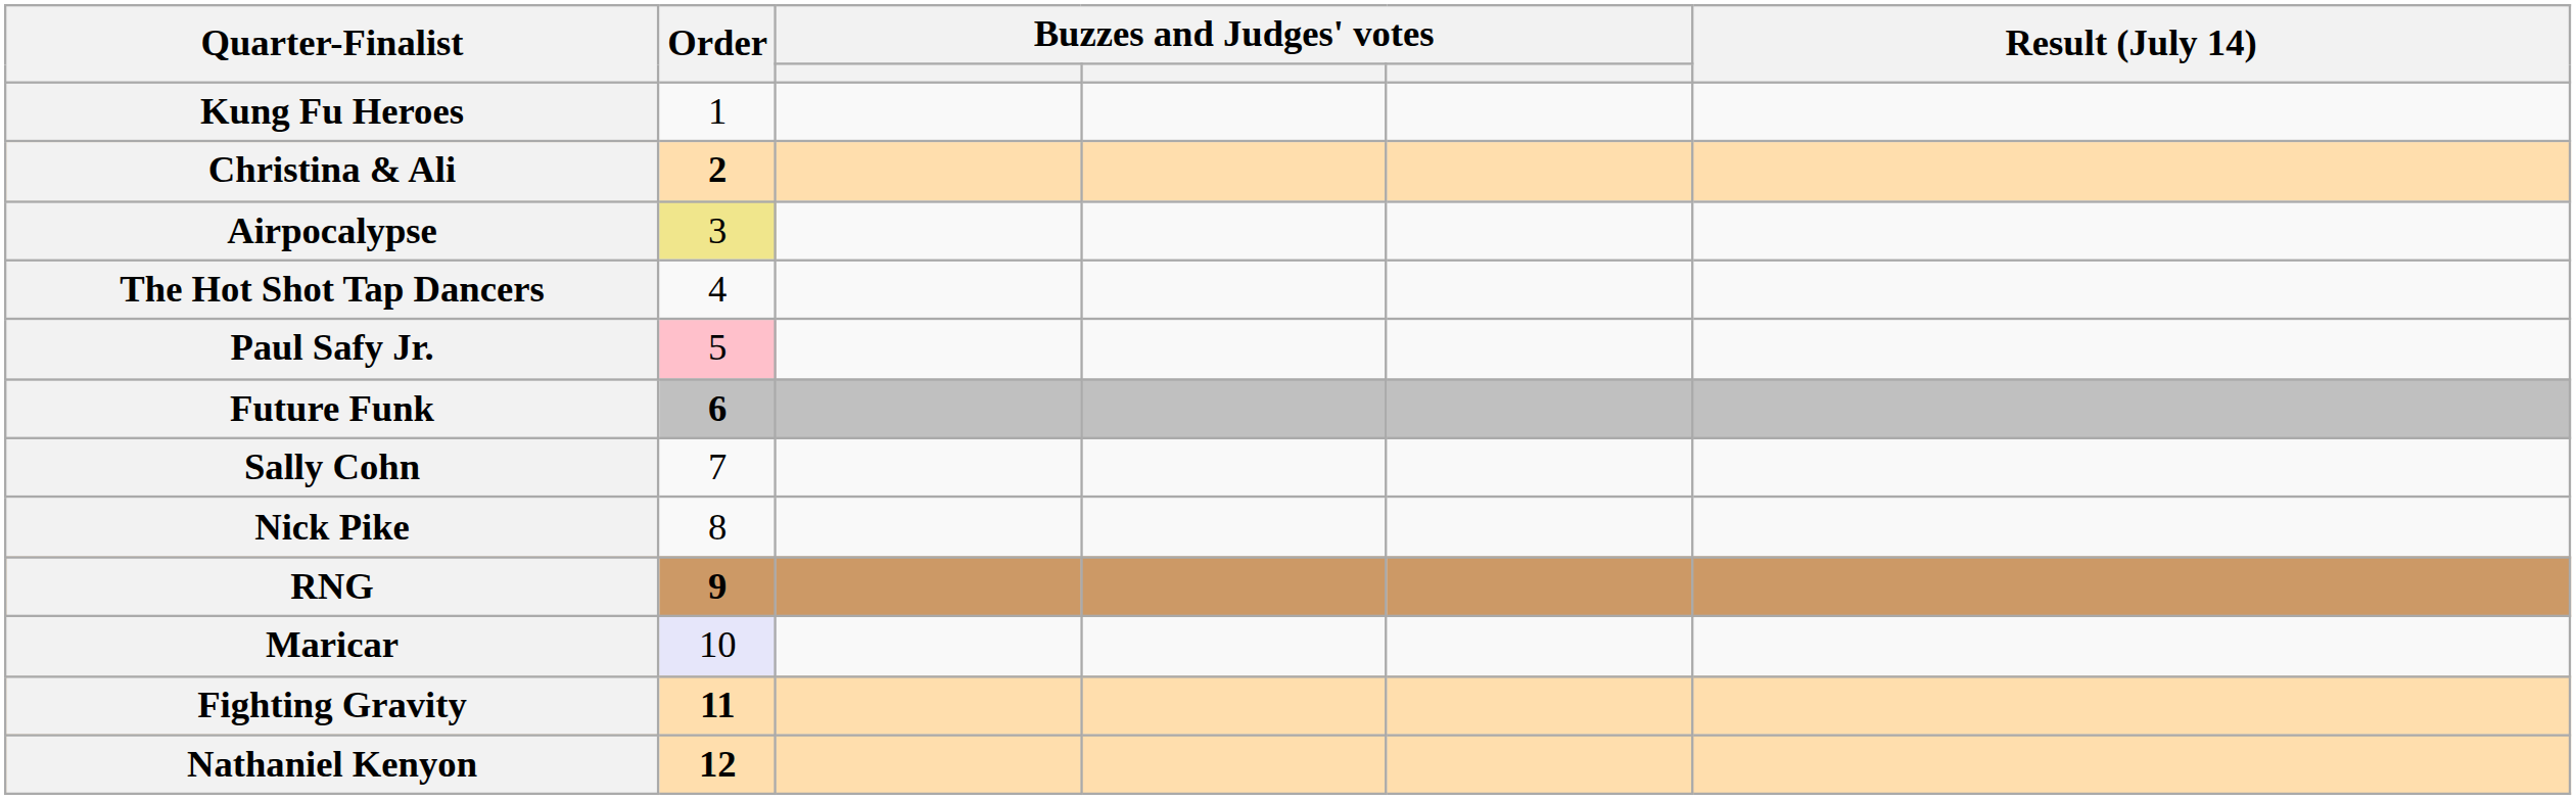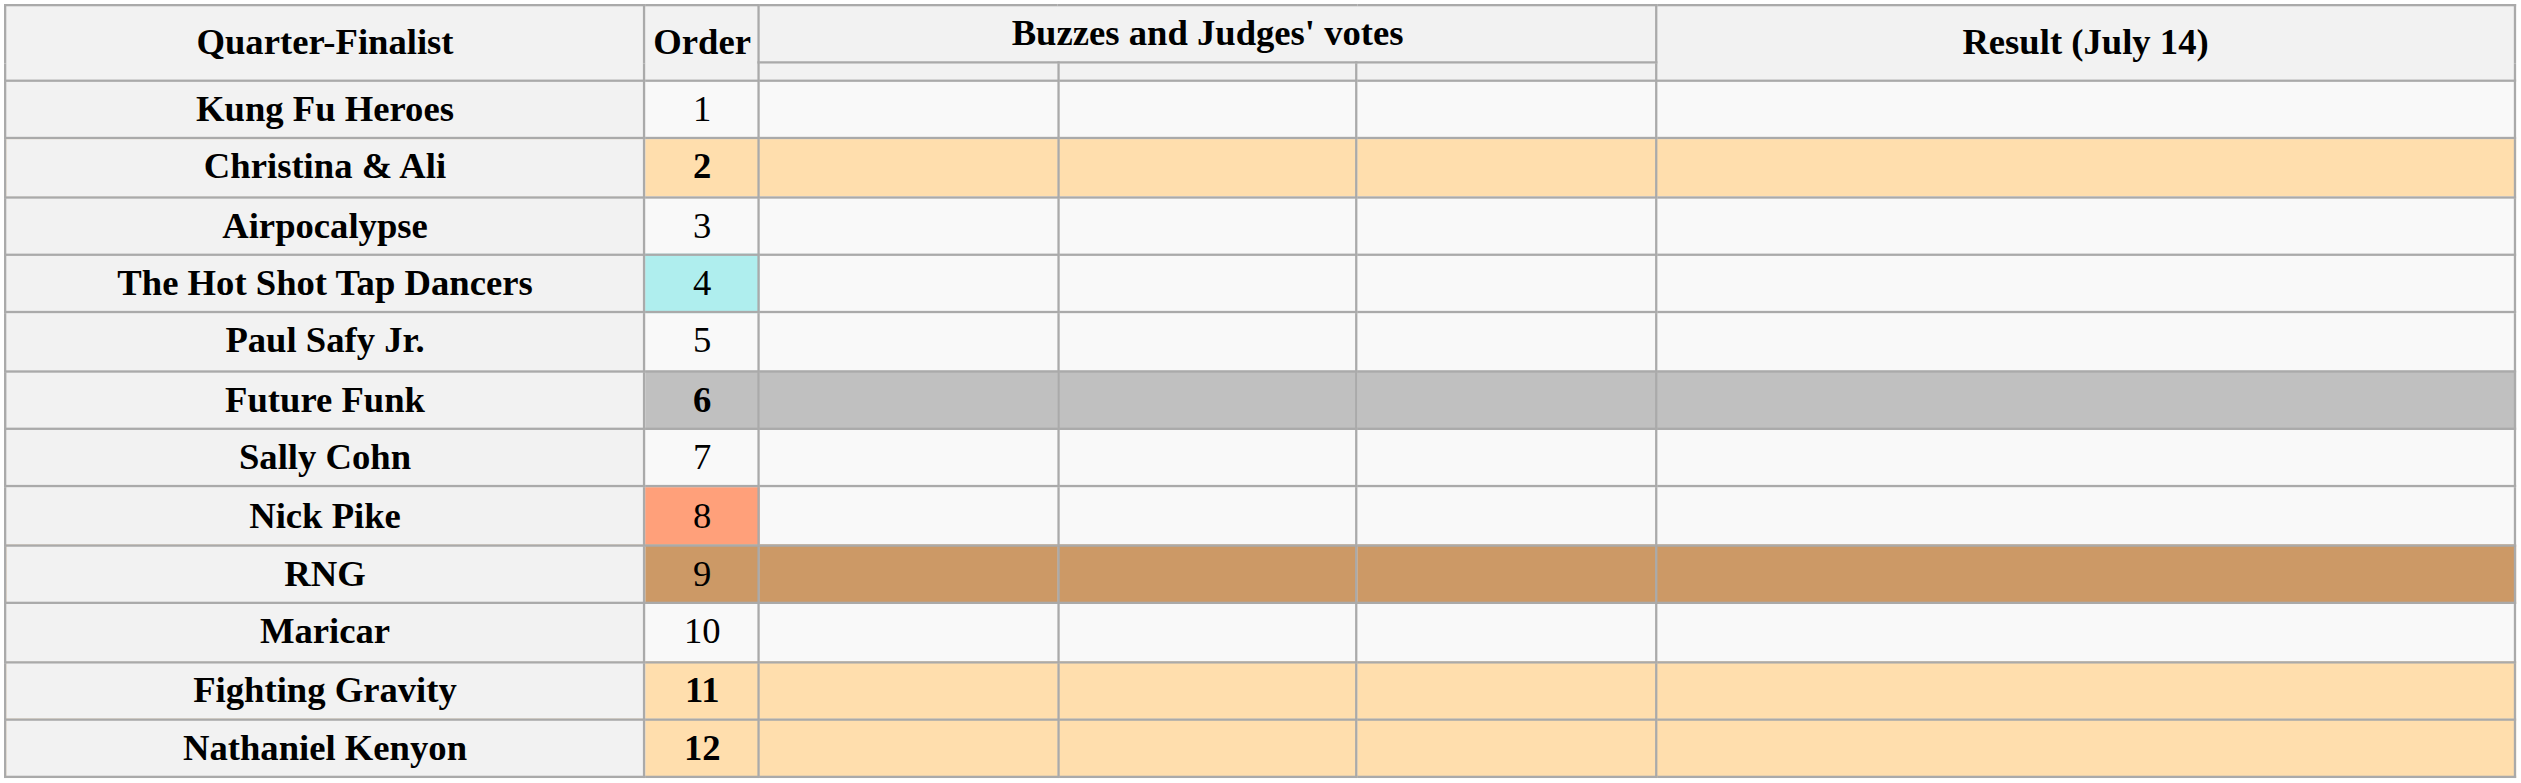 <table class="wikitable plainrowheaders sortable" style="text-align:center;">
 <tr>
 <th scope="col" rowspan="2" class="unsortable" style="width:17em;">Quarter-Finalist</th>
 <th scope="col" rowspan="2" style="width:1em;">Order</th>
 <th scope="col" colspan="3" class="unsortable" style="width:24em;">Buzzes and Judges' votes</th>
 <th scope="col" rowspan="2" style="width:23em;">Result (July 14)</th>
 </tr>
 <tr>
 <th scope="col" class="unsortable" style="width:6em;"></th>
 <th scope="col" class="unsortable" style="width:6em;"></th>
 <th scope="col" class="unsortable" style="width:6em;"></th>
 </tr>
 <tr>
 <th scope="row">Kung Fu Heroes</th>
 <td>1</td>
 <td style="text-align:center;"></td>
 <td style="text-align:center;"></td>
 <td style="text-align:center;"></td>
 <td></td>
 </tr>
 <tr style="background:NavajoWhite;">
 <th scope="row"><strong>Christina & Ali</strong></th>
 <td><strong>2</strong></td>
 <td style="text-align:center;"></td>
 <td style="text-align:center;"></td>
 <td style="text-align:center;"></td>
 <td><strong></strong></td>
 </tr>
 <tr>
 <th scope="row">Airpocalypse</th>
-<td style="background: khaki;">3</td>
+<td>3</td>
 <td style="text-align:center;"></td>
 <td style="text-align:center;"></td>
 <td style="text-align:center;"></td>
 <td></td>
 </tr>
 <tr>
 <th scope="row">The Hot Shot Tap Dancers</th>
-<td>4</td>
+<td style="background: paleturquoise;">4</td>
 <td style="text-align:center;"></td>
 <td style="text-align:center;"></td>
 <td style="text-align:center;"></td>
 <td></td>
 </tr>
 <tr>
 <th scope="row">Paul Safy Jr.</th>
-<td style="background: pink;">5</td>
+<td>5</td>
 <td style="text-align:center;"></td>
 <td style="text-align:center;"></td>
 <td style="text-align:center;"></td>
 <td></td>
 </tr>
 <tr style="background:silver;">
 <th scope="row"><strong>Future Funk</strong></th>
 <td><strong>6</strong></td>
 <td style="text-align:center;"></td>
 <td style="text-align:center;"></td>
 <td style="text-align:center;"></td>
 <td><strong></strong></td>
 </tr>
 <tr>
 <th scope="row">Sally Cohn</th>
 <td>7</td>
 <td style="text-align:center;"></td>
 <td style="text-align:center;"></td>
 <td style="text-align:center;"></td>
 <td></td>
 </tr>
 <tr>
 <th scope="row">Nick Pike</th>
-<td>8</td>
+<td style="background: lightsalmon;">8</td>
 <td style="text-align:center;"></td>
 <td style="text-align:center;"></td>
 <td style="text-align:center;"></td>
 <td></td>
 </tr>
 <tr style="background:#c96;">
 <th scope="row">RNG</th>
-<td><strong>9</strong></td>
+<td>9</td>
 <td style="text-align:center;"></td>
 <td style="text-align:center;"></td>
 <td style="text-align:center;"></td>
 <td></td>
 </tr>
 <tr>
 <th scope="row">Maricar</th>
-<td style="background: lavender;">10</td>
+<td>10</td>
 <td style="text-align:center;"></td>
 <td style="text-align:center;"></td>
 <td style="text-align:center;"></td>
 <td></td>
 </tr>
 <tr style="background:NavajoWhite;">
 <th scope="row"><strong>Fighting Gravity</strong></th>
 <td><strong>11</strong></td>
 <td style="text-align:center;"></td>
 <td style="text-align:center;"></td>
 <td style="text-align:center;"></td>
 <td><strong></strong></td>
 </tr>
 <tr style="background:NavajoWhite;">
 <th scope="row"><strong>Nathaniel Kenyon</strong></th>
 <td><strong>12</strong></td>
 <td style="text-align:center;"></td>
 <td style="text-align:center;"></td>
 <td style="text-align:center;"></td>
 <td><strong></strong></td>
 </tr>
 </table>
